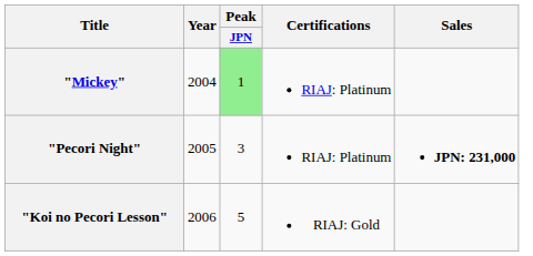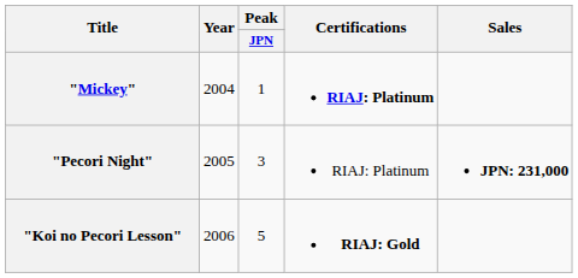 <table class="wikitable plainrowheaders" style="text-align:center;">
 <tr>
 <th scope="colw" rowspan="2" style="width:12em;">Title</th>
 <th scope="col" rowspan="2">Year</th>
 <th scope="col">Peak</th>
 <th scope="col" rowspan="2">Certifications</th>
 <th scope="col" rowspan="2">Sales</th>
 </tr>
 <tr>
 <th scope="col" style="width:3em;font-size:85%;"><a href='#'>JPN</a><br></th>
 </tr>
 <tr>
 <th scope="row">"<a href='#'>Mickey</a>"</th>
 <td>2004</td>
-<td style="background: lightgreen;">1</td>
-<td><br><ul><li><a href='#'>RIAJ</a>: Platinum</li></ul></td>
+<td>1</td>
+<td><strong><br><ul><li><a href='#'>RIAJ</a>: Platinum</li></ul></strong></td>
 <td></td>
 </tr>
 <tr>
 <th scope="row">"Pecori Night"</th>
 <td>2005</td>
 <td>3</td>
 <td><br><ul><li>RIAJ: Platinum</li></ul></td>
 <td><strong><br><ul><li>JPN: 231,000</li></ul></strong></td>
 </tr>
 <tr>
 <th scope="row">"Koi no Pecori Lesson"</th>
 <td>2006</td>
 <td>5</td>
-<td><br><ul><li>RIAJ: Gold</li></ul></td>
+<td><strong><br><ul><li>RIAJ: Gold</li></ul></strong></td>
 <td></td>
 </tr>
 </table>
